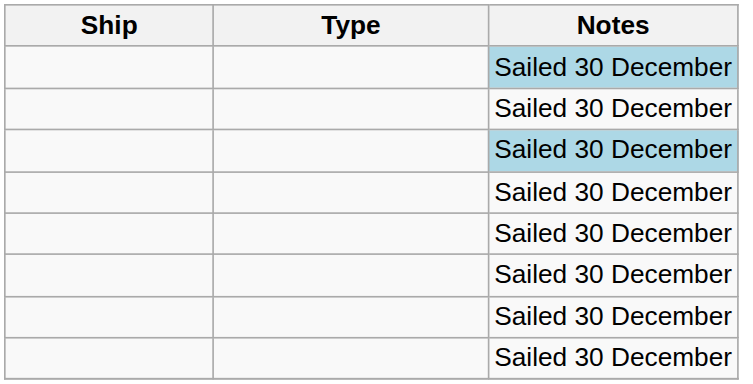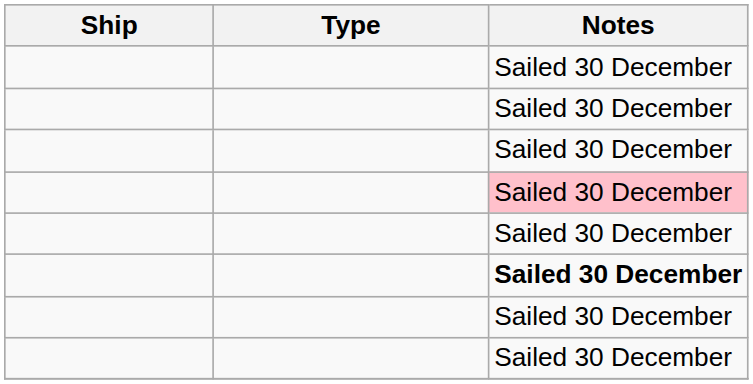 <table class="wikitable sortable">
 <tr>
 <th scope="col" width="120px">Ship</th>
 <th scope="col" width="160px">Type</th>
 <th>Notes</th>
-</tr>
-<tr>
-<td align="left"></td>
-<td align="left"></td>
-<td align="left" style="background: lightblue;">Sailed 30 December</td>
-</tr>
-<tr>
-<td align="left"></td>
-<td align="left"></td>
-<td align="left">Sailed 30 December</td>
-</tr>
-<tr>
-<td align="left"></td>
-<td align="left"></td>
-<td align="left" style="background: lightblue;">Sailed 30 December</td>
 </tr>
 <tr>
 <td align="left"></td>
 <td align="left"></td>
 <td align="left">Sailed 30 December</td>
 </tr>
 <tr>
 <td align="left"></td>
 <td align="left"></td>
 <td align="left">Sailed 30 December</td>
 </tr>
 <tr>
 <td align="left"></td>
 <td align="left"></td>
 <td align="left">Sailed 30 December</td>
 </tr>
 <tr>
 <td align="left"></td>
 <td align="left"></td>
+<td align="left" style="background: pink;">Sailed 30 December</td>
+</tr>
+<tr>
+<td align="left"></td>
+<td align="left"></td>
+<td align="left">Sailed 30 December</td>
+</tr>
+<tr>
+<td align="left"></td>
+<td align="left"></td>
+<td align="left"><strong>Sailed 30 December</strong></td>
+</tr>
+<tr>
+<td align="left"></td>
+<td align="left"></td>
 <td align="left">Sailed 30 December</td>
 </tr>
 <tr>
 <td align="left"></td>
 <td align="left"></td>
 <td align="left">Sailed 30 December</td>
 </tr>
 <tr>
 </tr>
 </table>
